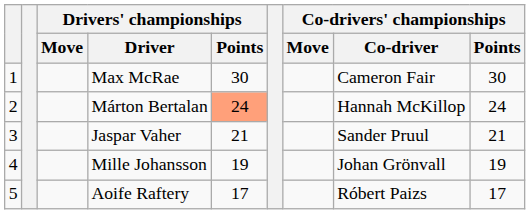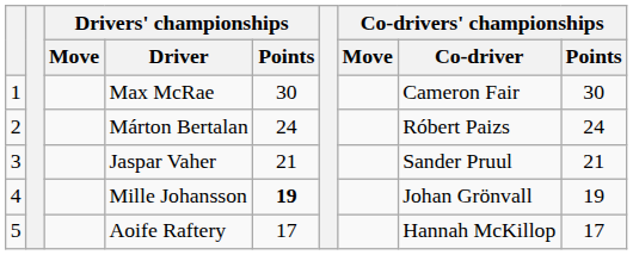 <table class="wikitable" style="font-size:85%;">
 <tr>
 <th rowspan="2"></th>
 <th rowspan="7" style="width:5px;"></th>
 <th colspan="3">Drivers' championships</th>
 <th rowspan="7" style="width:5px;"></th>
 <th colspan="3" nowrap="">Co-drivers' championships</th>
 </tr>
 <tr>
 <th>Move</th>
 <th>Driver</th>
 <th>Points</th>
 <th>Move</th>
 <th>Co-driver</th>
 <th>Points</th>
 </tr>
 <tr>
 <td align="center">1</td>
 <td align="center"></td>
 <td>Max McRae</td>
 <td align="center">30</td>
 <td align="center"></td>
 <td>Cameron Fair</td>
 <td align="center">30</td>
 </tr>
 <tr>
 <td align="center">2</td>
 <td align="center"></td>
 <td>Márton Bertalan</td>
-<td align="center" style="background: lightsalmon;">24</td>
+<td align="center">24</td>
 <td align="center"></td>
-<td>Hannah McKillop</td>
+<td>Róbert Paizs</td>
 <td align="center">24</td>
 </tr>
 <tr>
 <td align="center">3</td>
 <td align="center"></td>
 <td>Jaspar Vaher</td>
 <td align="center">21</td>
 <td align="center"></td>
 <td>Sander Pruul</td>
 <td align="center">21</td>
 </tr>
 <tr>
 <td align="center">4</td>
 <td align="center"></td>
 <td>Mille Johansson</td>
-<td align="center">19</td>
+<td align="center"><strong>19</strong></td>
 <td align="center"></td>
 <td>Johan Grönvall</td>
 <td align="center">19</td>
 </tr>
 <tr>
 <td align="center">5</td>
 <td align="center"></td>
 <td>Aoife Raftery</td>
 <td align="center">17</td>
 <td align="center"></td>
-<td>Róbert Paizs</td>
+<td>Hannah McKillop</td>
 <td align="center">17</td>
 </tr>
 </table>
